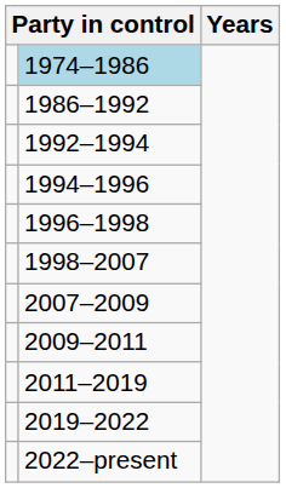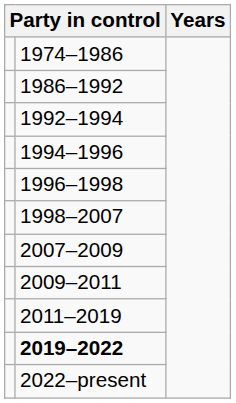 <table class="wikitable">
 <tr>
 <th colspan=2>Party in control</th>
 <th>Years</th>
 </tr>
 <tr>
 <td></td>
-<td style="background: lightblue;">1974–1986</td>
+<td>1974–1986</td>
 </tr>
 <tr>
 <td></td>
 <td>1986–1992</td>
 </tr>
 <tr>
 <td></td>
 <td>1992–1994</td>
 </tr>
 <tr>
 <td></td>
 <td>1994–1996</td>
 </tr>
 <tr>
 <td></td>
 <td>1996–1998</td>
 </tr>
 <tr>
 <td></td>
 <td>1998–2007</td>
 </tr>
 <tr>
 <td></td>
 <td>2007–2009</td>
 </tr>
 <tr>
 <td></td>
 <td>2009–2011</td>
 </tr>
 <tr>
 <td></td>
 <td>2011–2019</td>
 </tr>
 <tr>
 <td></td>
-<td>2019–2022</td>
+<td><strong>2019–2022</strong></td>
 </tr>
 <tr>
 <td></td>
 <td>2022–present</td>
 </tr>
 </table>
